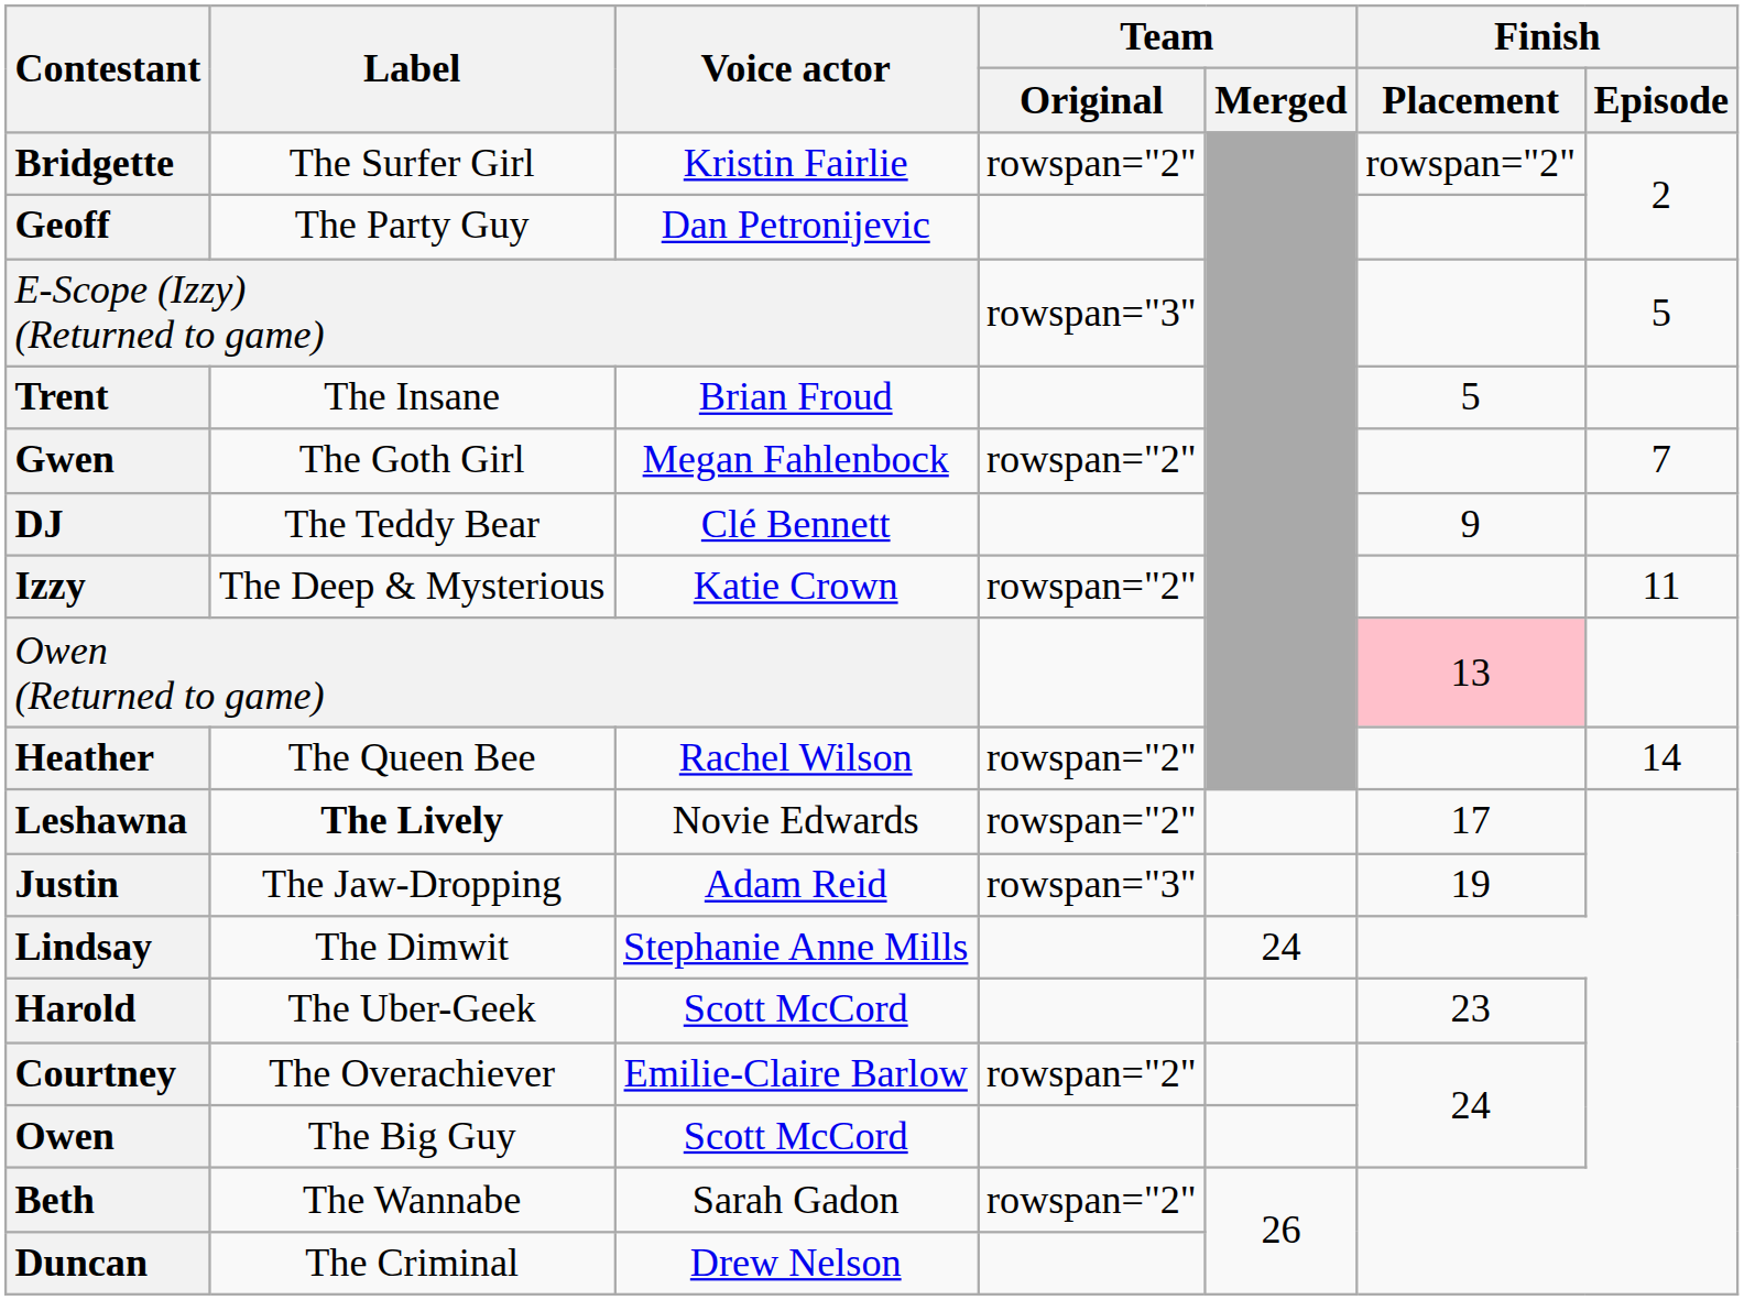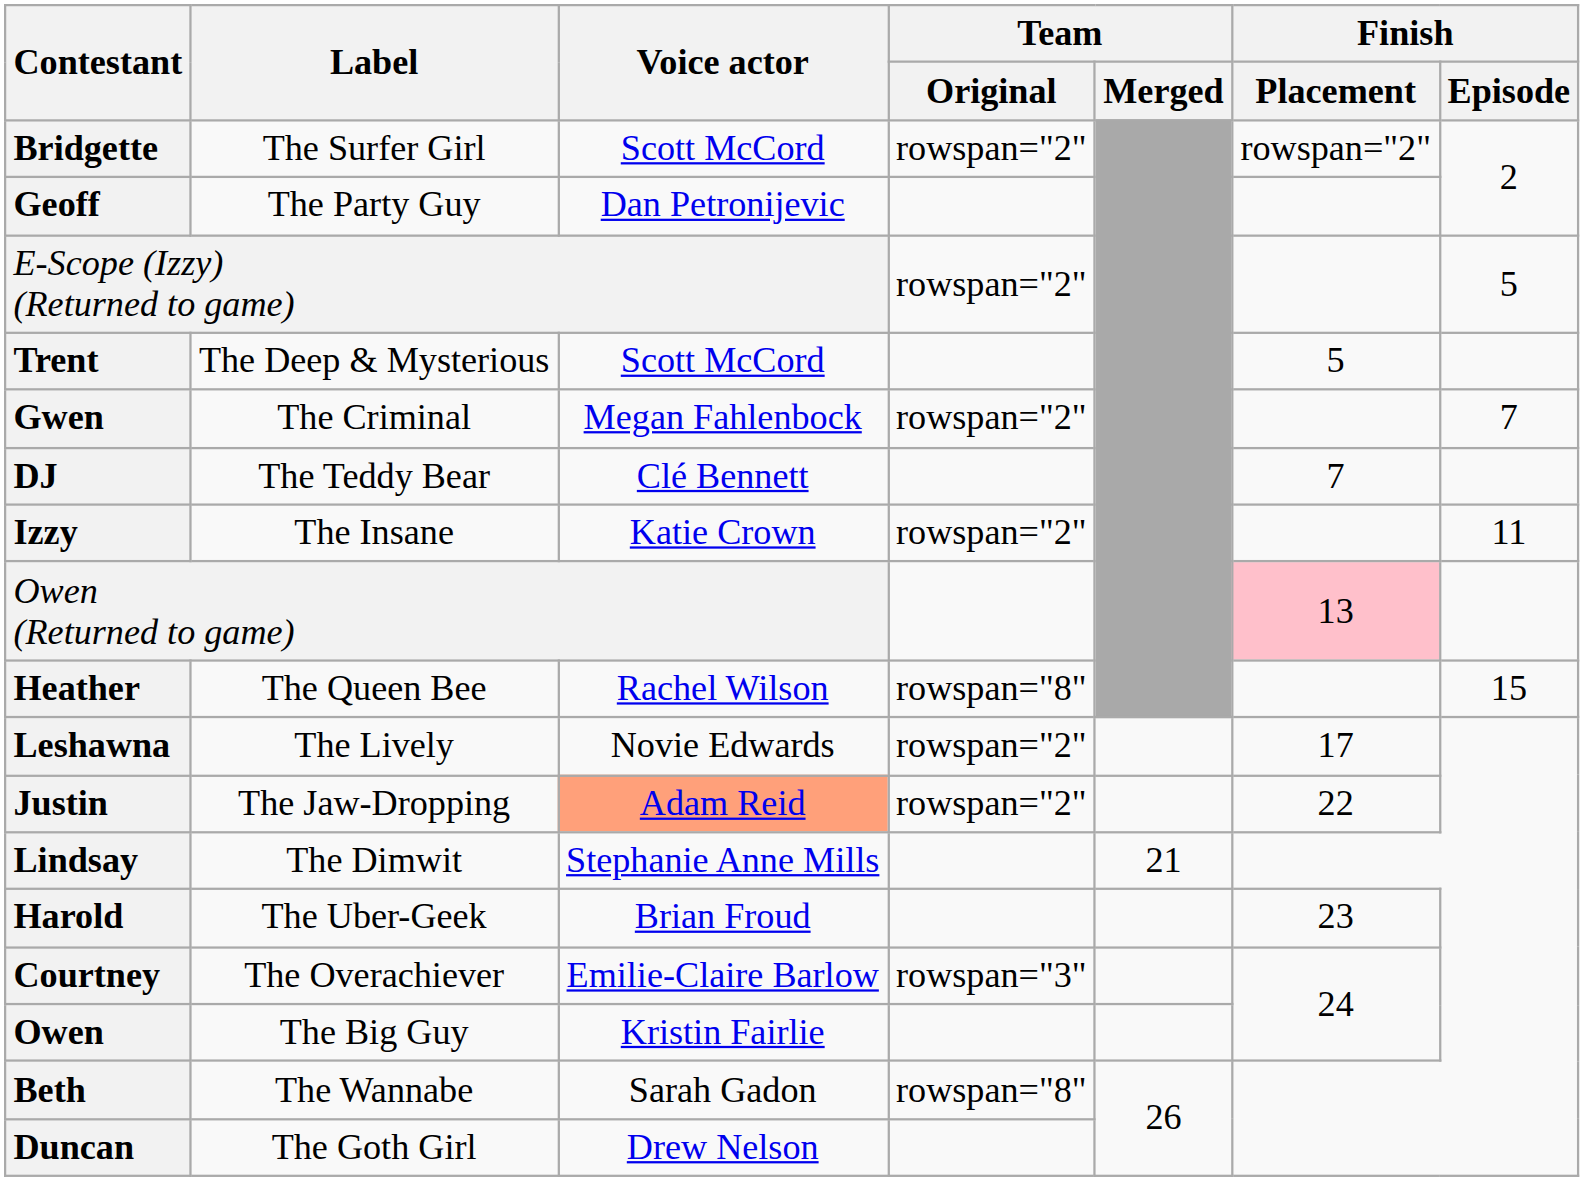 <table class="wikitable sortable" style="text-align:center;">
 <tr>
 <th rowspan="2" scope="col">Contestant</th>
 <th rowspan="2" scope="col" class="unsortable">Label</th>
 <th rowspan="2" scope="col" class="unsortable">Voice actor</th>
 <th colspan="2" scope="colgroup">Team</th>
 <th colspan="2" scope="colgroup">Finish</th>
 </tr>
 <tr>
 <th scope="col">Original</th>
 <th scope="col" class="unsortable">Merged</th>
 <th scope="col" class="unsortable">Placement</th>
 <th scope="col" class="unsortable">Episode</th>
 </tr>
 <tr>
 <th scope="row" style="text-align:left;">Bridgette</th>
 <td>The Surfer Girl</td>
-<td><a href='#'>Kristin Fairlie</a></td>
+<td><a href='#'>Scott McCord</a></td>
 <td>rowspan="2" </td>
 <td rowspan="9" style="background:darkgray;"></td>
 <td>rowspan="2" </td>
 <td rowspan="2">2</td>
 </tr>
 <tr>
 <th scope="row" style="text-align:left;">Geoff</th>
 <td>The Party Guy</td>
 <td><a href='#'>Dan Petronijevic</a></td>
 </tr>
 <tr>
 <th colspan="3" scope="row" style="text-align:left; font-weight:normal"><em>E-Scope (Izzy)<br>(Returned to game)</em></th>
-<td>rowspan="3" </td>
+<td>rowspan="2" </td>
 <td></td>
 <td>5</td>
 </tr>
 <tr>
 <th scope="row" style="text-align:left;">Trent</th>
-<td>The Insane</td>
-<td><a href='#'>Brian Froud</a></td>
+<td>The Deep & Mysterious</td>
+<td><a href='#'>Scott McCord</a></td>
 <td></td>
 <td>5</td>
 </tr>
 <tr>
 <th scope="row" style="text-align:left;">Gwen</th>
-<td>The Goth Girl</td>
+<td>The Criminal</td>
 <td><a href='#'>Megan Fahlenbock</a></td>
 <td>rowspan="2" </td>
 <td></td>
 <td>7</td>
 </tr>
 <tr>
 <th scope="row" style="text-align:left;">DJ</th>
 <td>The Teddy Bear</td>
 <td><a href='#'>Clé Bennett</a></td>
 <td></td>
-<td>9</td>
+<td>7</td>
 </tr>
 <tr>
 <th scope="row" style="text-align:left;">Izzy</th>
-<td>The Deep & Mysterious</td>
+<td>The Insane</td>
 <td><a href='#'>Katie Crown</a></td>
 <td>rowspan="2" </td>
 <td></td>
 <td>11</td>
 </tr>
 <tr>
 <th colspan="3" scope="row" style="text-align:left; font-weight:normal"><em>Owen<br>(Returned to game)</em></th>
 <td></td>
 <td style="background: pink;">13</td>
 </tr>
 <tr>
 <th scope="row" style="text-align:left;">Heather</th>
 <td>The Queen Bee</td>
 <td><a href='#'>Rachel Wilson</a></td>
-<td>rowspan="2" </td>
+<td>rowspan="8" </td>
 <td></td>
-<td>14</td>
+<td>15</td>
 </tr>
 <tr>
 <th scope="row" style="text-align:left;">Leshawna</th>
-<td><strong>The Lively</strong></td>
+<td>The Lively</td>
 <td>Novie Edwards</td>
 <td>rowspan="2" </td>
 <td></td>
 <td>17</td>
 </tr>
 <tr>
 <th scope="row" style="text-align:left;">Justin</th>
 <td>The Jaw-Dropping</td>
-<td><a href='#'>Adam Reid</a></td>
-<td>rowspan="3" </td>
+<td style="background: lightsalmon;"><a href='#'>Adam Reid</a></td>
+<td>rowspan="2" </td>
 <td></td>
-<td>19</td>
+<td>22</td>
 </tr>
 <tr>
 <th scope="row" style="text-align:left;">Lindsay</th>
 <td>The Dimwit</td>
 <td><a href='#'>Stephanie Anne Mills</a></td>
 <td></td>
-<td>24</td>
+<td>21</td>
 </tr>
 <tr>
 <th scope="row" style="text-align:left;">Harold</th>
 <td>The Uber-Geek</td>
-<td><a href='#'>Scott McCord</a></td>
+<td><a href='#'>Brian Froud</a></td>
 <td></td>
 <td></td>
 <td>23</td>
 </tr>
 <tr>
 <th scope="row" style="text-align:left;">Courtney</th>
 <td>The Overachiever</td>
 <td><a href='#'>Emilie-Claire Barlow</a></td>
-<td>rowspan="2" </td>
+<td>rowspan="3" </td>
 <td></td>
 <td rowspan="2">24</td>
 </tr>
 <tr>
 <th scope="row" style="text-align:left;">Owen</th>
 <td>The Big Guy</td>
-<td><a href='#'>Scott McCord</a></td>
+<td><a href='#'>Kristin Fairlie</a></td>
 <td></td>
 </tr>
 <tr>
 <th scope="row" style="text-align:left;">Beth</th>
 <td>The Wannabe</td>
 <td>Sarah Gadon</td>
-<td>rowspan="2" </td>
+<td>rowspan="8" </td>
 <td rowspan="2">26</td>
 </tr>
 <tr>
 <th scope="row" style="text-align:left;">Duncan</th>
-<td>The Criminal</td>
+<td>The Goth Girl</td>
 <td><a href='#'>Drew Nelson</a></td>
 <td></td>
 </tr>
 </table>
